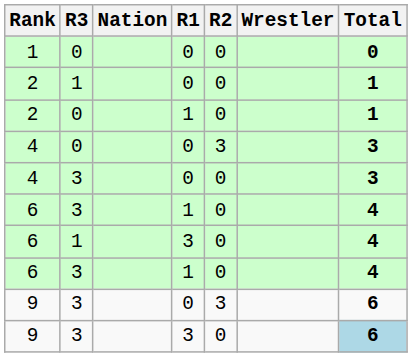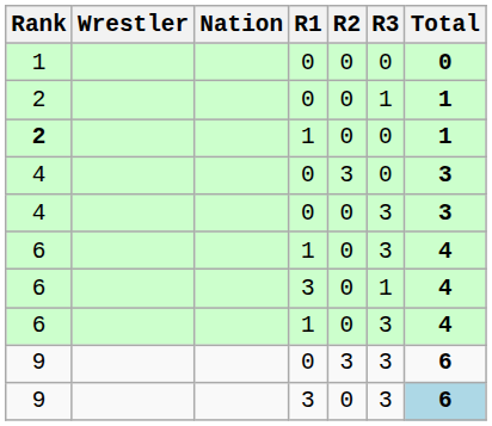 <table class="wikitable sortable" style="text-align:center;">
 <tr>
 <th>Rank</th>
-<th>R3</th>
+<th>Wrestler</th>
 <th>Nation</th>
 <th>R1</th>
 <th>R2</th>
-<th>Wrestler</th>
+<th>R3</th>
 <th>Total</th>
 </tr>
 <tr style="background:#cfc;">
 <td>1</td>
-<td>0</td>
+<td align=left></td>
 <td align=left></td>
 <td>0</td>
 <td>0</td>
-<td align=left></td>
+<td>0</td>
 <td><strong>0</strong></td>
 </tr>
 <tr style="background:#cfc;">
 <td>2</td>
-<td>1</td>
+<td align=left></td>
 <td align=left></td>
 <td>0</td>
 <td>0</td>
-<td align=left></td>
+<td>1</td>
 <td><strong>1</strong></td>
 </tr>
 <tr style="background:#cfc;">
-<td>2</td>
-<td>0</td>
+<td><strong>2</strong></td>
+<td align=left></td>
 <td align=left></td>
 <td>1</td>
 <td>0</td>
-<td align=left></td>
+<td>0</td>
 <td><strong>1</strong></td>
 </tr>
 <tr style="background:#cfc;">
 <td>4</td>
-<td>0</td>
+<td align=left></td>
 <td align=left></td>
 <td>0</td>
 <td>3</td>
-<td align=left></td>
+<td>0</td>
 <td><strong>3</strong></td>
 </tr>
 <tr style="background:#cfc;">
 <td>4</td>
-<td>3</td>
+<td align=left></td>
 <td align=left></td>
 <td>0</td>
 <td>0</td>
-<td align=left></td>
+<td>3</td>
 <td><strong>3</strong></td>
 </tr>
 <tr style="background:#cfc;">
 <td>6</td>
-<td>3</td>
+<td align=left></td>
 <td align=left></td>
 <td>1</td>
 <td>0</td>
-<td align=left></td>
+<td>3</td>
 <td><strong>4</strong></td>
 </tr>
 <tr style="background:#cfc;">
 <td>6</td>
-<td>1</td>
+<td align=left></td>
 <td align=left></td>
 <td>3</td>
 <td>0</td>
-<td align=left></td>
+<td>1</td>
 <td><strong>4</strong></td>
 </tr>
 <tr style="background:#cfc;">
 <td>6</td>
-<td>3</td>
+<td align=left></td>
 <td align=left></td>
 <td>1</td>
 <td>0</td>
-<td align=left></td>
+<td>3</td>
 <td><strong>4</strong></td>
 </tr>
 <tr>
 <td>9</td>
-<td>3</td>
+<td align=left></td>
 <td align=left></td>
 <td>0</td>
 <td>3</td>
-<td align=left></td>
+<td>3</td>
 <td><strong>6</strong></td>
 </tr>
 <tr>
 <td>9</td>
-<td>3</td>
+<td align=left></td>
 <td align=left></td>
 <td>3</td>
 <td>0</td>
-<td align=left></td>
+<td>3</td>
 <td style="background: lightblue;"><strong>6</strong></td>
 </tr>
 </table>
